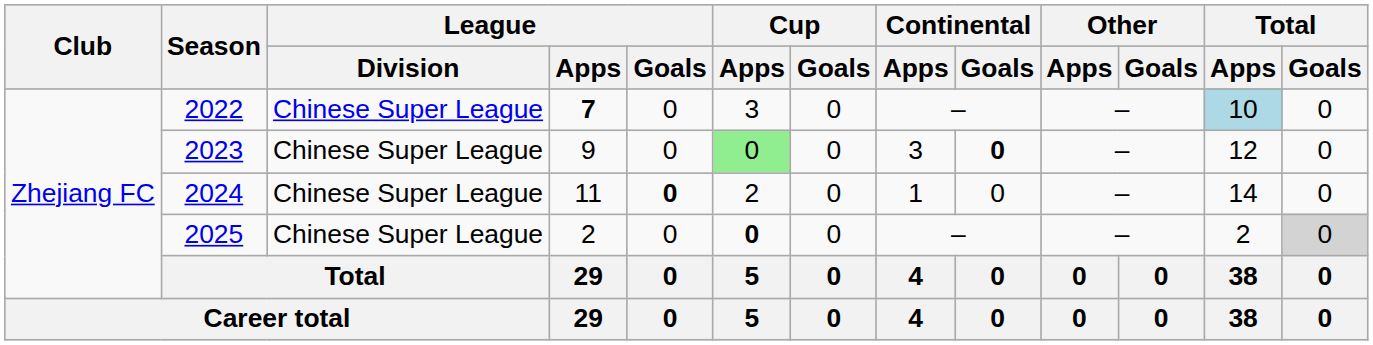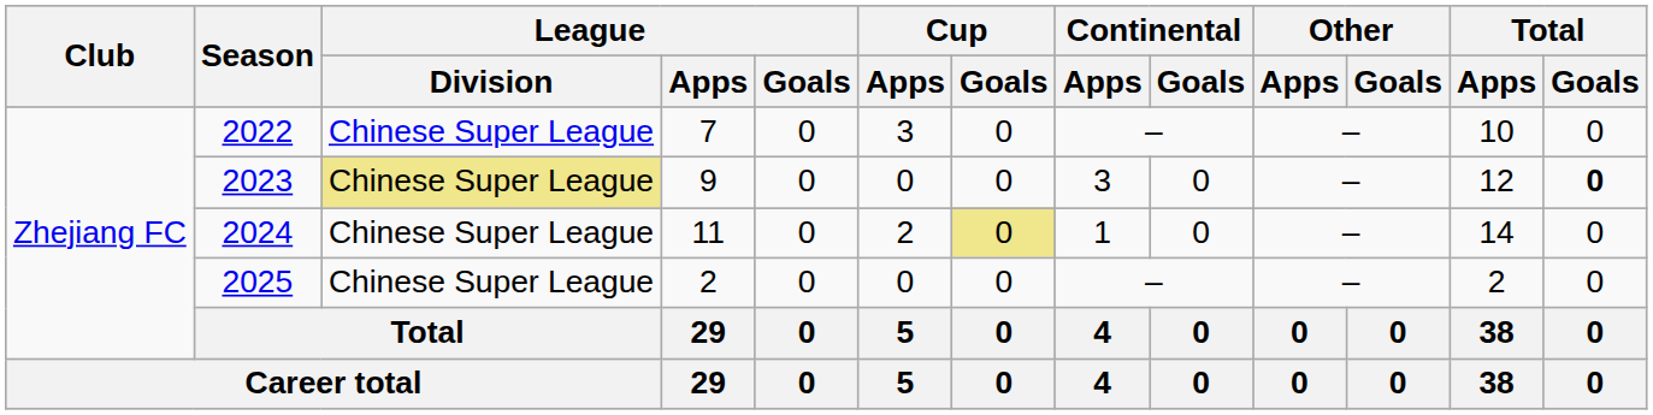 <table class="wikitable" style="text-align: center">
 <tr>
 <th rowspan="2">Club</th>
 <th rowspan="2">Season</th>
 <th colspan="3">League</th>
 <th colspan="2">Cup</th>
 <th colspan="2">Continental</th>
 <th colspan="2">Other</th>
 <th colspan="2">Total</th>
 </tr>
 <tr>
 <th>Division</th>
 <th>Apps</th>
 <th>Goals</th>
 <th>Apps</th>
 <th>Goals</th>
 <th>Apps</th>
 <th>Goals</th>
 <th>Apps</th>
 <th>Goals</th>
 <th>Apps</th>
 <th>Goals</th>
 </tr>
 <tr>
 <td rowspan="5"><a href='#'>Zhejiang FC</a></td>
 <td><a href='#'>2022</a></td>
 <td><a href='#'>Chinese Super League</a></td>
-<td><strong>7</strong></td>
+<td>7</td>
 <td>0</td>
 <td>3</td>
 <td>0</td>
 <td colspan="2">–</td>
 <td colspan="2">–</td>
-<td style="background: lightblue;">10</td>
+<td>10</td>
 <td>0</td>
 </tr>
 <tr>
 <td><a href='#'>2023</a></td>
-<td>Chinese Super League</td>
+<td style="background: khaki;">Chinese Super League</td>
 <td>9</td>
 <td>0</td>
-<td style="background: lightgreen;">0</td>
+<td>0</td>
 <td>0</td>
 <td>3</td>
-<td><strong>0</strong></td>
+<td>0</td>
 <td colspan="2">–</td>
 <td>12</td>
-<td>0</td>
+<td><strong>0</strong></td>
 </tr>
 <tr>
 <td><a href='#'>2024</a></td>
 <td>Chinese Super League</td>
 <td>11</td>
-<td><strong>0</strong></td>
+<td>0</td>
 <td>2</td>
-<td>0</td>
+<td style="background: khaki;">0</td>
 <td>1</td>
 <td>0</td>
 <td colspan="2">–</td>
 <td>14</td>
 <td>0</td>
 </tr>
 <tr>
 <td><a href='#'>2025</a></td>
 <td>Chinese Super League</td>
 <td>2</td>
 <td>0</td>
-<td><strong>0</strong></td>
+<td>0</td>
 <td>0</td>
 <td colspan="2">–</td>
 <td colspan="2">–</td>
 <td>2</td>
-<td style="background: lightgrey;">0</td>
+<td>0</td>
 </tr>
 <tr>
 <th colspan=2>Total</th>
 <th>29</th>
 <th>0</th>
 <th>5</th>
 <th>0</th>
 <th>4</th>
 <th>0</th>
 <th>0</th>
 <th>0</th>
 <th>38</th>
 <th>0</th>
 </tr>
 <tr>
 <th colspan=3>Career total</th>
 <th>29</th>
 <th>0</th>
 <th>5</th>
 <th>0</th>
 <th>4</th>
 <th>0</th>
 <th>0</th>
 <th>0</th>
 <th>38</th>
 <th>0</th>
 </tr>
 </table>
